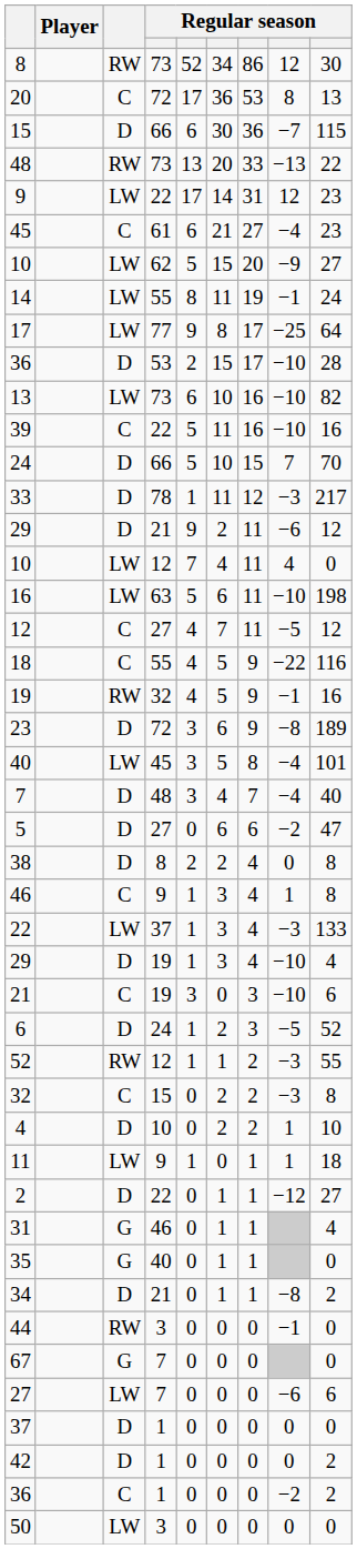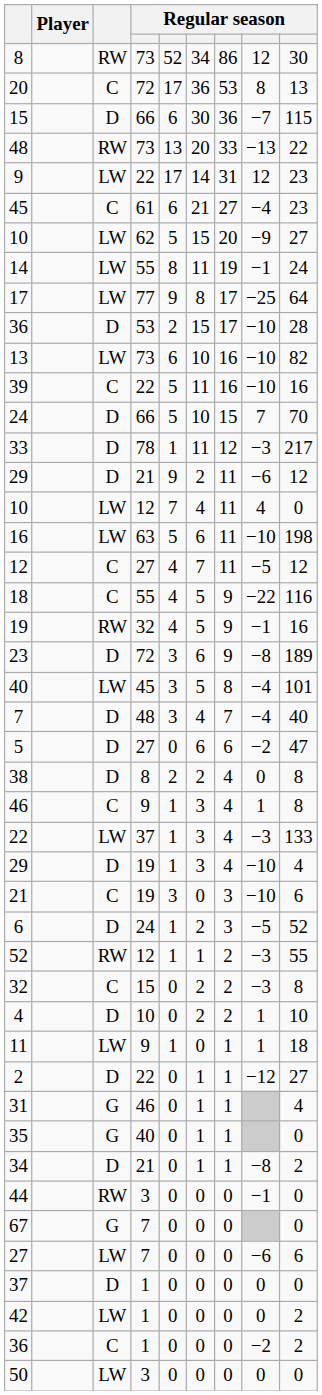 <table class="wikitable sortable plainrowheaders" style="text-align:center;">
 <tr>
 <th scope="col" data-sort-type="number" rowspan="2"></th>
 <th scope="col" rowspan="2">Player</th>
 <th scope="col" rowspan="2"></th>
 <th scope=colgroup colspan=6>Regular season</th>
 </tr>
 <tr>
 <th scope="col" data-sort-type="number"></th>
 <th scope="col" data-sort-type="number"></th>
 <th scope="col" data-sort-type="number"></th>
 <th scope="col" data-sort-type="number"></th>
 <th scope="col" data-sort-type="number"></th>
 <th scope="col" data-sort-type="number"></th>
 </tr>
 <tr>
 <td scope="row">8</td>
 <td align="left"></td>
 <td>RW</td>
 <td>73</td>
 <td>52</td>
 <td>34</td>
 <td>86</td>
 <td>12</td>
 <td>30</td>
 </tr>
 <tr>
 <td scope="row">20</td>
 <td align="left"></td>
 <td>C</td>
 <td>72</td>
 <td>17</td>
 <td>36</td>
 <td>53</td>
 <td>8</td>
 <td>13</td>
 </tr>
 <tr>
 <td scope="row">15</td>
 <td align="left"></td>
 <td>D</td>
 <td>66</td>
 <td>6</td>
 <td>30</td>
 <td>36</td>
 <td>−7</td>
 <td>115</td>
 </tr>
 <tr>
 <td scope="row">48</td>
 <td align="left"></td>
 <td>RW</td>
 <td>73</td>
 <td>13</td>
 <td>20</td>
 <td>33</td>
 <td>−13</td>
 <td>22</td>
 </tr>
 <tr>
 <td scope="row">9</td>
 <td align="left"></td>
 <td>LW</td>
 <td>22</td>
 <td>17</td>
 <td>14</td>
 <td>31</td>
 <td>12</td>
 <td>23</td>
 </tr>
 <tr>
 <td scope="row">45</td>
 <td align="left"></td>
 <td>C</td>
 <td>61</td>
 <td>6</td>
 <td>21</td>
 <td>27</td>
 <td>−4</td>
 <td>23</td>
 </tr>
 <tr>
 <td scope="row">10</td>
 <td align="left"></td>
 <td>LW</td>
 <td>62</td>
 <td>5</td>
 <td>15</td>
 <td>20</td>
 <td>−9</td>
 <td>27</td>
 </tr>
 <tr>
 <td scope="row">14</td>
 <td align="left"></td>
 <td>LW</td>
 <td>55</td>
 <td>8</td>
 <td>11</td>
 <td>19</td>
 <td>−1</td>
 <td>24</td>
 </tr>
 <tr>
 <td scope="row">17</td>
 <td align="left"></td>
 <td>LW</td>
 <td>77</td>
 <td>9</td>
 <td>8</td>
 <td>17</td>
 <td>−25</td>
 <td>64</td>
 </tr>
 <tr>
 <td scope="row">36</td>
 <td align="left"></td>
 <td>D</td>
 <td>53</td>
 <td>2</td>
 <td>15</td>
 <td>17</td>
 <td>−10</td>
 <td>28</td>
 </tr>
 <tr>
 <td scope="row">13</td>
 <td align="left"></td>
 <td>LW</td>
 <td>73</td>
 <td>6</td>
 <td>10</td>
 <td>16</td>
 <td>−10</td>
 <td>82</td>
 </tr>
 <tr>
 <td scope="row">39</td>
 <td align="left"></td>
 <td>C</td>
 <td>22</td>
 <td>5</td>
 <td>11</td>
 <td>16</td>
 <td>−10</td>
 <td>16</td>
 </tr>
 <tr>
 <td scope="row">24</td>
 <td align="left"></td>
 <td>D</td>
 <td>66</td>
 <td>5</td>
 <td>10</td>
 <td>15</td>
 <td>7</td>
 <td>70</td>
 </tr>
 <tr>
 <td scope="row">33</td>
 <td align="left"></td>
 <td>D</td>
 <td>78</td>
 <td>1</td>
 <td>11</td>
 <td>12</td>
 <td>−3</td>
 <td>217</td>
 </tr>
 <tr>
 <td scope="row">29</td>
 <td align="left"></td>
 <td>D</td>
 <td>21</td>
 <td>9</td>
 <td>2</td>
 <td>11</td>
 <td>−6</td>
 <td>12</td>
 </tr>
 <tr>
 <td scope="row">10</td>
 <td align="left"></td>
 <td>LW</td>
 <td>12</td>
 <td>7</td>
 <td>4</td>
 <td>11</td>
 <td>4</td>
 <td>0</td>
 </tr>
 <tr>
 <td scope="row">16</td>
 <td align="left"></td>
 <td>LW</td>
 <td>63</td>
 <td>5</td>
 <td>6</td>
 <td>11</td>
 <td>−10</td>
 <td>198</td>
 </tr>
 <tr>
 <td scope="row">12</td>
 <td align="left"></td>
 <td>C</td>
 <td>27</td>
 <td>4</td>
 <td>7</td>
 <td>11</td>
 <td>−5</td>
 <td>12</td>
 </tr>
 <tr>
 <td scope="row">18</td>
 <td align="left"></td>
 <td>C</td>
 <td>55</td>
 <td>4</td>
 <td>5</td>
 <td>9</td>
 <td>−22</td>
 <td>116</td>
 </tr>
 <tr>
 <td scope="row">19</td>
 <td align="left"></td>
 <td>RW</td>
 <td>32</td>
 <td>4</td>
 <td>5</td>
 <td>9</td>
 <td>−1</td>
 <td>16</td>
 </tr>
 <tr>
 <td scope="row">23</td>
 <td align="left"></td>
 <td>D</td>
 <td>72</td>
 <td>3</td>
 <td>6</td>
 <td>9</td>
 <td>−8</td>
 <td>189</td>
 </tr>
 <tr>
 <td scope="row">40</td>
 <td align="left"></td>
 <td>LW</td>
 <td>45</td>
 <td>3</td>
 <td>5</td>
 <td>8</td>
 <td>−4</td>
 <td>101</td>
 </tr>
 <tr>
 <td scope="row">7</td>
 <td align="left"></td>
 <td>D</td>
 <td>48</td>
 <td>3</td>
 <td>4</td>
 <td>7</td>
 <td>−4</td>
 <td>40</td>
 </tr>
 <tr>
 <td scope="row">5</td>
 <td align="left"></td>
 <td>D</td>
 <td>27</td>
 <td>0</td>
 <td>6</td>
 <td>6</td>
 <td>−2</td>
 <td>47</td>
 </tr>
 <tr>
 <td scope="row">38</td>
 <td align="left"></td>
 <td>D</td>
 <td>8</td>
 <td>2</td>
 <td>2</td>
 <td>4</td>
 <td>0</td>
 <td>8</td>
 </tr>
 <tr>
 <td scope="row">46</td>
 <td align="left"></td>
 <td>C</td>
 <td>9</td>
 <td>1</td>
 <td>3</td>
 <td>4</td>
 <td>1</td>
 <td>8</td>
 </tr>
 <tr>
 <td scope="row">22</td>
 <td align="left"></td>
 <td>LW</td>
 <td>37</td>
 <td>1</td>
 <td>3</td>
 <td>4</td>
 <td>−3</td>
 <td>133</td>
 </tr>
 <tr>
 <td scope="row">29</td>
 <td align="left"></td>
 <td>D</td>
 <td>19</td>
 <td>1</td>
 <td>3</td>
 <td>4</td>
 <td>−10</td>
 <td>4</td>
 </tr>
 <tr>
 <td scope="row">21</td>
 <td align="left"></td>
 <td>C</td>
 <td>19</td>
 <td>3</td>
 <td>0</td>
 <td>3</td>
 <td>−10</td>
 <td>6</td>
 </tr>
 <tr>
 <td scope="row">6</td>
 <td align="left"></td>
 <td>D</td>
 <td>24</td>
 <td>1</td>
 <td>2</td>
 <td>3</td>
 <td>−5</td>
 <td>52</td>
 </tr>
 <tr>
 <td scope="row">52</td>
 <td align="left"></td>
 <td>RW</td>
 <td>12</td>
 <td>1</td>
 <td>1</td>
 <td>2</td>
 <td>−3</td>
 <td>55</td>
 </tr>
 <tr>
 <td scope="row">32</td>
 <td align="left"></td>
 <td>C</td>
 <td>15</td>
 <td>0</td>
 <td>2</td>
 <td>2</td>
 <td>−3</td>
 <td>8</td>
 </tr>
 <tr>
 <td scope="row">4</td>
 <td align="left"></td>
 <td>D</td>
 <td>10</td>
 <td>0</td>
 <td>2</td>
 <td>2</td>
 <td>1</td>
 <td>10</td>
 </tr>
 <tr>
 <td scope="row">11</td>
 <td align="left"></td>
 <td>LW</td>
 <td>9</td>
 <td>1</td>
 <td>0</td>
 <td>1</td>
 <td>1</td>
 <td>18</td>
 </tr>
 <tr>
 <td scope="row">2</td>
 <td align="left"></td>
 <td>D</td>
 <td>22</td>
 <td>0</td>
 <td>1</td>
 <td>1</td>
 <td>−12</td>
 <td>27</td>
 </tr>
 <tr>
 <td scope="row">31</td>
 <td align="left"></td>
 <td>G</td>
 <td>46</td>
 <td>0</td>
 <td>1</td>
 <td>1</td>
 <td style="background:#ccc"></td>
 <td>4</td>
 </tr>
 <tr>
 <td scope="row">35</td>
 <td align="left"></td>
 <td>G</td>
 <td>40</td>
 <td>0</td>
 <td>1</td>
 <td>1</td>
 <td style="background:#ccc"></td>
 <td>0</td>
 </tr>
 <tr>
 <td scope="row">34</td>
 <td align="left"></td>
 <td>D</td>
 <td>21</td>
 <td>0</td>
 <td>1</td>
 <td>1</td>
 <td>−8</td>
 <td>2</td>
 </tr>
 <tr>
 <td scope="row">44</td>
 <td align="left"></td>
 <td>RW</td>
 <td>3</td>
 <td>0</td>
 <td>0</td>
 <td>0</td>
 <td>−1</td>
 <td>0</td>
 </tr>
 <tr>
 <td scope="row">67</td>
 <td align="left"></td>
 <td>G</td>
 <td>7</td>
 <td>0</td>
 <td>0</td>
 <td>0</td>
 <td style="background:#ccc"></td>
 <td>0</td>
 </tr>
 <tr>
 <td scope="row">27</td>
 <td align="left"></td>
 <td>LW</td>
 <td>7</td>
 <td>0</td>
 <td>0</td>
 <td>0</td>
 <td>−6</td>
 <td>6</td>
 </tr>
 <tr>
 <td scope="row">37</td>
 <td align="left"></td>
 <td>D</td>
 <td>1</td>
 <td>0</td>
 <td>0</td>
 <td>0</td>
 <td>0</td>
 <td>0</td>
 </tr>
 <tr>
 <td scope="row">42</td>
 <td align="left"></td>
-<td>D</td>
+<td>LW</td>
 <td>1</td>
 <td>0</td>
 <td>0</td>
 <td>0</td>
 <td>0</td>
 <td>2</td>
 </tr>
 <tr>
 <td scope="row">36</td>
 <td align="left"></td>
 <td>C</td>
 <td>1</td>
 <td>0</td>
 <td>0</td>
 <td>0</td>
 <td>−2</td>
 <td>2</td>
 </tr>
 <tr>
 <td scope="row">50</td>
 <td align="left"></td>
 <td>LW</td>
 <td>3</td>
 <td>0</td>
 <td>0</td>
 <td>0</td>
 <td>0</td>
 <td>0</td>
 </tr>
 </table>
